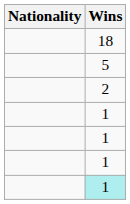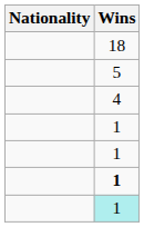 <table class="wikitable sortable">
 <tr>
 <th>Nationality</th>
 <th>Wins</th>
 </tr>
 <tr>
 <td></td>
 <td align="center">18</td>
 </tr>
 <tr>
 <td></td>
 <td align="center">5</td>
 </tr>
 <tr>
 <td></td>
-<td align="center">2</td>
+<td align="center">4</td>
 </tr>
 <tr>
 <td></td>
 <td align="center">1</td>
 </tr>
 <tr>
 <td></td>
 <td align="center">1</td>
 </tr>
 <tr>
 <td></td>
-<td align="center">1</td>
+<td align="center"><strong>1</strong></td>
 </tr>
 <tr>
 <td></td>
 <td align="center" style="background: paleturquoise;">1</td>
 </tr>
 </table>
